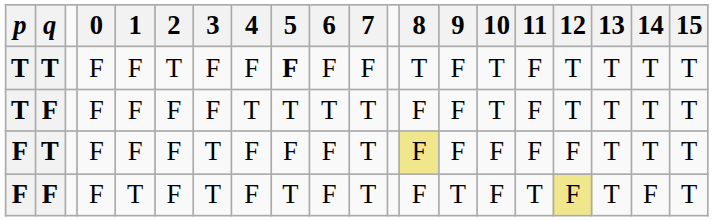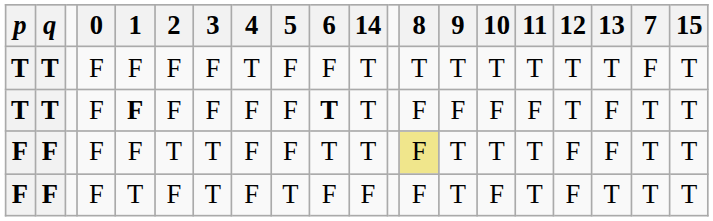 <table class="wikitable" style="margin:1em auto 1em auto; text-align:center;">
 <tr>
 <th><em>p</em></th>
 <th><em>q</em></th>
 <td></td>
 <th> 0 </th>
 <th> 1 </th>
 <th> 2 </th>
 <th> 3 </th>
 <th> 4 </th>
 <th> 5 </th>
 <th> 6 </th>
-<th> 7 </th>
+<th>14</th>
 <td></td>
 <th> 8 </th>
 <th> 9 </th>
 <th>10</th>
 <th>11</th>
 <th>12</th>
 <th>13</th>
-<th>14</th>
+<th> 7 </th>
 <th>15</th>
 </tr>
 <tr>
 <th>T</th>
 <th>T</th>
 <td></td>
 <td>F</td>
 <td>F</td>
+<td>F</td>
+<td>F</td>
 <td>T</td>
 <td>F</td>
+<td>F</td>
+<td>T</td>
+<td></td>
+<td>T</td>
+<td>T</td>
+<td>T</td>
+<td>T</td>
+<td>T</td>
+<td>T</td>
+<td>F</td>
+<td>T</td>
+</tr>
+<tr>
+<th>T</th>
+<th>T</th>
+<td></td>
 <td>F</td>
 <td><strong>F</strong></td>
 <td>F</td>
 <td>F</td>
-<td></td>
+<td>F</td>
+<td>F</td>
+<td><strong>T</strong></td>
 <td>T</td>
-<td>F</td>
-<td>T</td>
-<td>F</td>
-<td>T</td>
-<td>T</td>
-<td>T</td>
-<td>T</td>
-</tr>
-<tr>
-<th>T</th>
-<th>F</th>
 <td></td>
 <td>F</td>
 <td>F</td>
 <td>F</td>
 <td>F</td>
 <td>T</td>
-<td>T</td>
-<td>T</td>
-<td>T</td>
-<td></td>
 <td>F</td>
-<td>F</td>
-<td>T</td>
-<td>F</td>
-<td>T</td>
-<td>T</td>
 <td>T</td>
 <td>T</td>
 </tr>
 <tr>
 <th>F</th>
-<th>T</th>
+<th>F</th>
 <td></td>
 <td>F</td>
 <td>F</td>
-<td>F</td>
+<td>T</td>
 <td>T</td>
 <td>F</td>
 <td>F</td>
-<td>F</td>
+<td>T</td>
 <td>T</td>
 <td></td>
 <td style="background: khaki;">F</td>
+<td>T</td>
+<td>T</td>
+<td>T</td>
 <td>F</td>
 <td>F</td>
-<td>F</td>
-<td>F</td>
-<td>T</td>
 <td>T</td>
 <td>T</td>
 </tr>
 <tr>
 <th>F</th>
 <th>F</th>
 <td></td>
 <td>F</td>
 <td>T</td>
 <td>F</td>
 <td>T</td>
 <td>F</td>
 <td>T</td>
 <td>F</td>
-<td>T</td>
+<td>F</td>
 <td></td>
 <td>F</td>
 <td>T</td>
 <td>F</td>
 <td>T</td>
-<td style="background: khaki;">F</td>
+<td>F</td>
 <td>T</td>
-<td>F</td>
+<td>T</td>
 <td>T</td>
 </tr>
 </table>
